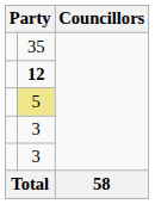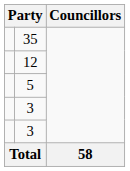 <table class="wikitable">
 <tr>
 <th colspan=2>Party</th>
 <th>Councillors</th>
 </tr>
 <tr>
 <td></td>
 <td align=center>35</td>
 </tr>
 <tr>
 <td></td>
-<td align=center><strong>12</strong></td>
+<td align=center>12</td>
 </tr>
 <tr>
 <td></td>
-<td align=center style="background: khaki;">5</td>
+<td align=center>5</td>
 </tr>
 <tr>
 <td></td>
 <td align=center>3</td>
 </tr>
 <tr>
 <td></td>
 <td align=center>3</td>
 </tr>
 <tr>
 <th colspan=2>Total</th>
 <th align=center>58</th>
 </tr>
 </table>
